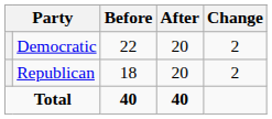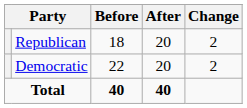 <table class="wikitable" style="text-align:center;">
 <tr>
 </tr>
 <tr>
 <th colspan=2>Party</th>
 <th>Before</th>
 <th>After</th>
 <th>Change</th>
 </tr>
 <tr>
 <th style="background-color:"></th>
-<td style="text-align:left;"><a href='#'>Democratic</a></td>
-<td>22</td>
+<td style="text-align:left;"><a href='#'>Republican</a></td>
+<td>18</td>
 <td>20</td>
 <td> 2</td>
 </tr>
 <tr>
 <th style="background-color:"></th>
-<td style="text-align:left;"><a href='#'>Republican</a></td>
-<td>18</td>
+<td style="text-align:left;"><a href='#'>Democratic</a></td>
+<td>22</td>
 <td>20</td>
 <td> 2</td>
 </tr>
 <tr>
 <td colspan=2><strong>Total</strong></td>
 <td><strong>40</strong></td>
 <td><strong>40</strong></td>
 </tr>
 </table>
